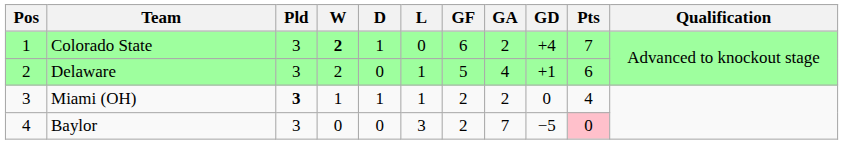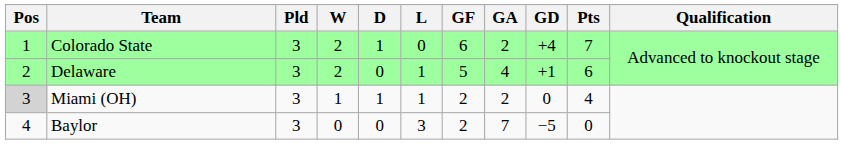 <table class="wikitable" style="text-align:center; margin: 1em auto">
 <tr>
 <th style="width:2em">Pos</th>
 <th style="width:13em">Team</th>
 <th style="width:2em">Pld</th>
 <th style="width:2em">W</th>
 <th style="width:2em">D</th>
 <th style="width:2em">L</th>
 <th style="width:2em">GF</th>
 <th style="width:2em">GA</th>
 <th style="width:2em">GD</th>
 <th style="width:2em">Pts</th>
 <th style="width:13em">Qualification</th>
 </tr>
 <tr bgcolor="#9eff9e">
 <td>1</td>
 <td style="text-align:left">Colorado State</td>
 <td>3</td>
-<td><strong>2</strong></td>
+<td>2</td>
 <td>1</td>
 <td>0</td>
 <td>6</td>
 <td>2</td>
 <td>+4</td>
 <td>7</td>
 <td rowspan="2">Advanced to knockout stage</td>
 </tr>
 <tr bgcolor="#9eff9e">
 <td>2</td>
 <td style="text-align:left">Delaware</td>
 <td>3</td>
 <td>2</td>
 <td>0</td>
 <td>1</td>
 <td>5</td>
 <td>4</td>
 <td>+1</td>
 <td>6</td>
 </tr>
 <tr>
+<td style="background: lightgrey;">3</td>
+<td style="text-align:left">Miami (OH)</td>
 <td>3</td>
-<td style="text-align:left">Miami (OH)</td>
-<td><strong>3</strong></td>
 <td>1</td>
 <td>1</td>
 <td>1</td>
 <td>2</td>
 <td>2</td>
 <td>0</td>
 <td>4</td>
 <td rowspan="2"></td>
 </tr>
 <tr>
 <td>4</td>
 <td style="text-align:left">Baylor</td>
 <td>3</td>
 <td>0</td>
 <td>0</td>
 <td>3</td>
 <td>2</td>
 <td>7</td>
 <td>−5</td>
-<td style="background: pink;">0</td>
+<td>0</td>
 </tr>
 </table>
